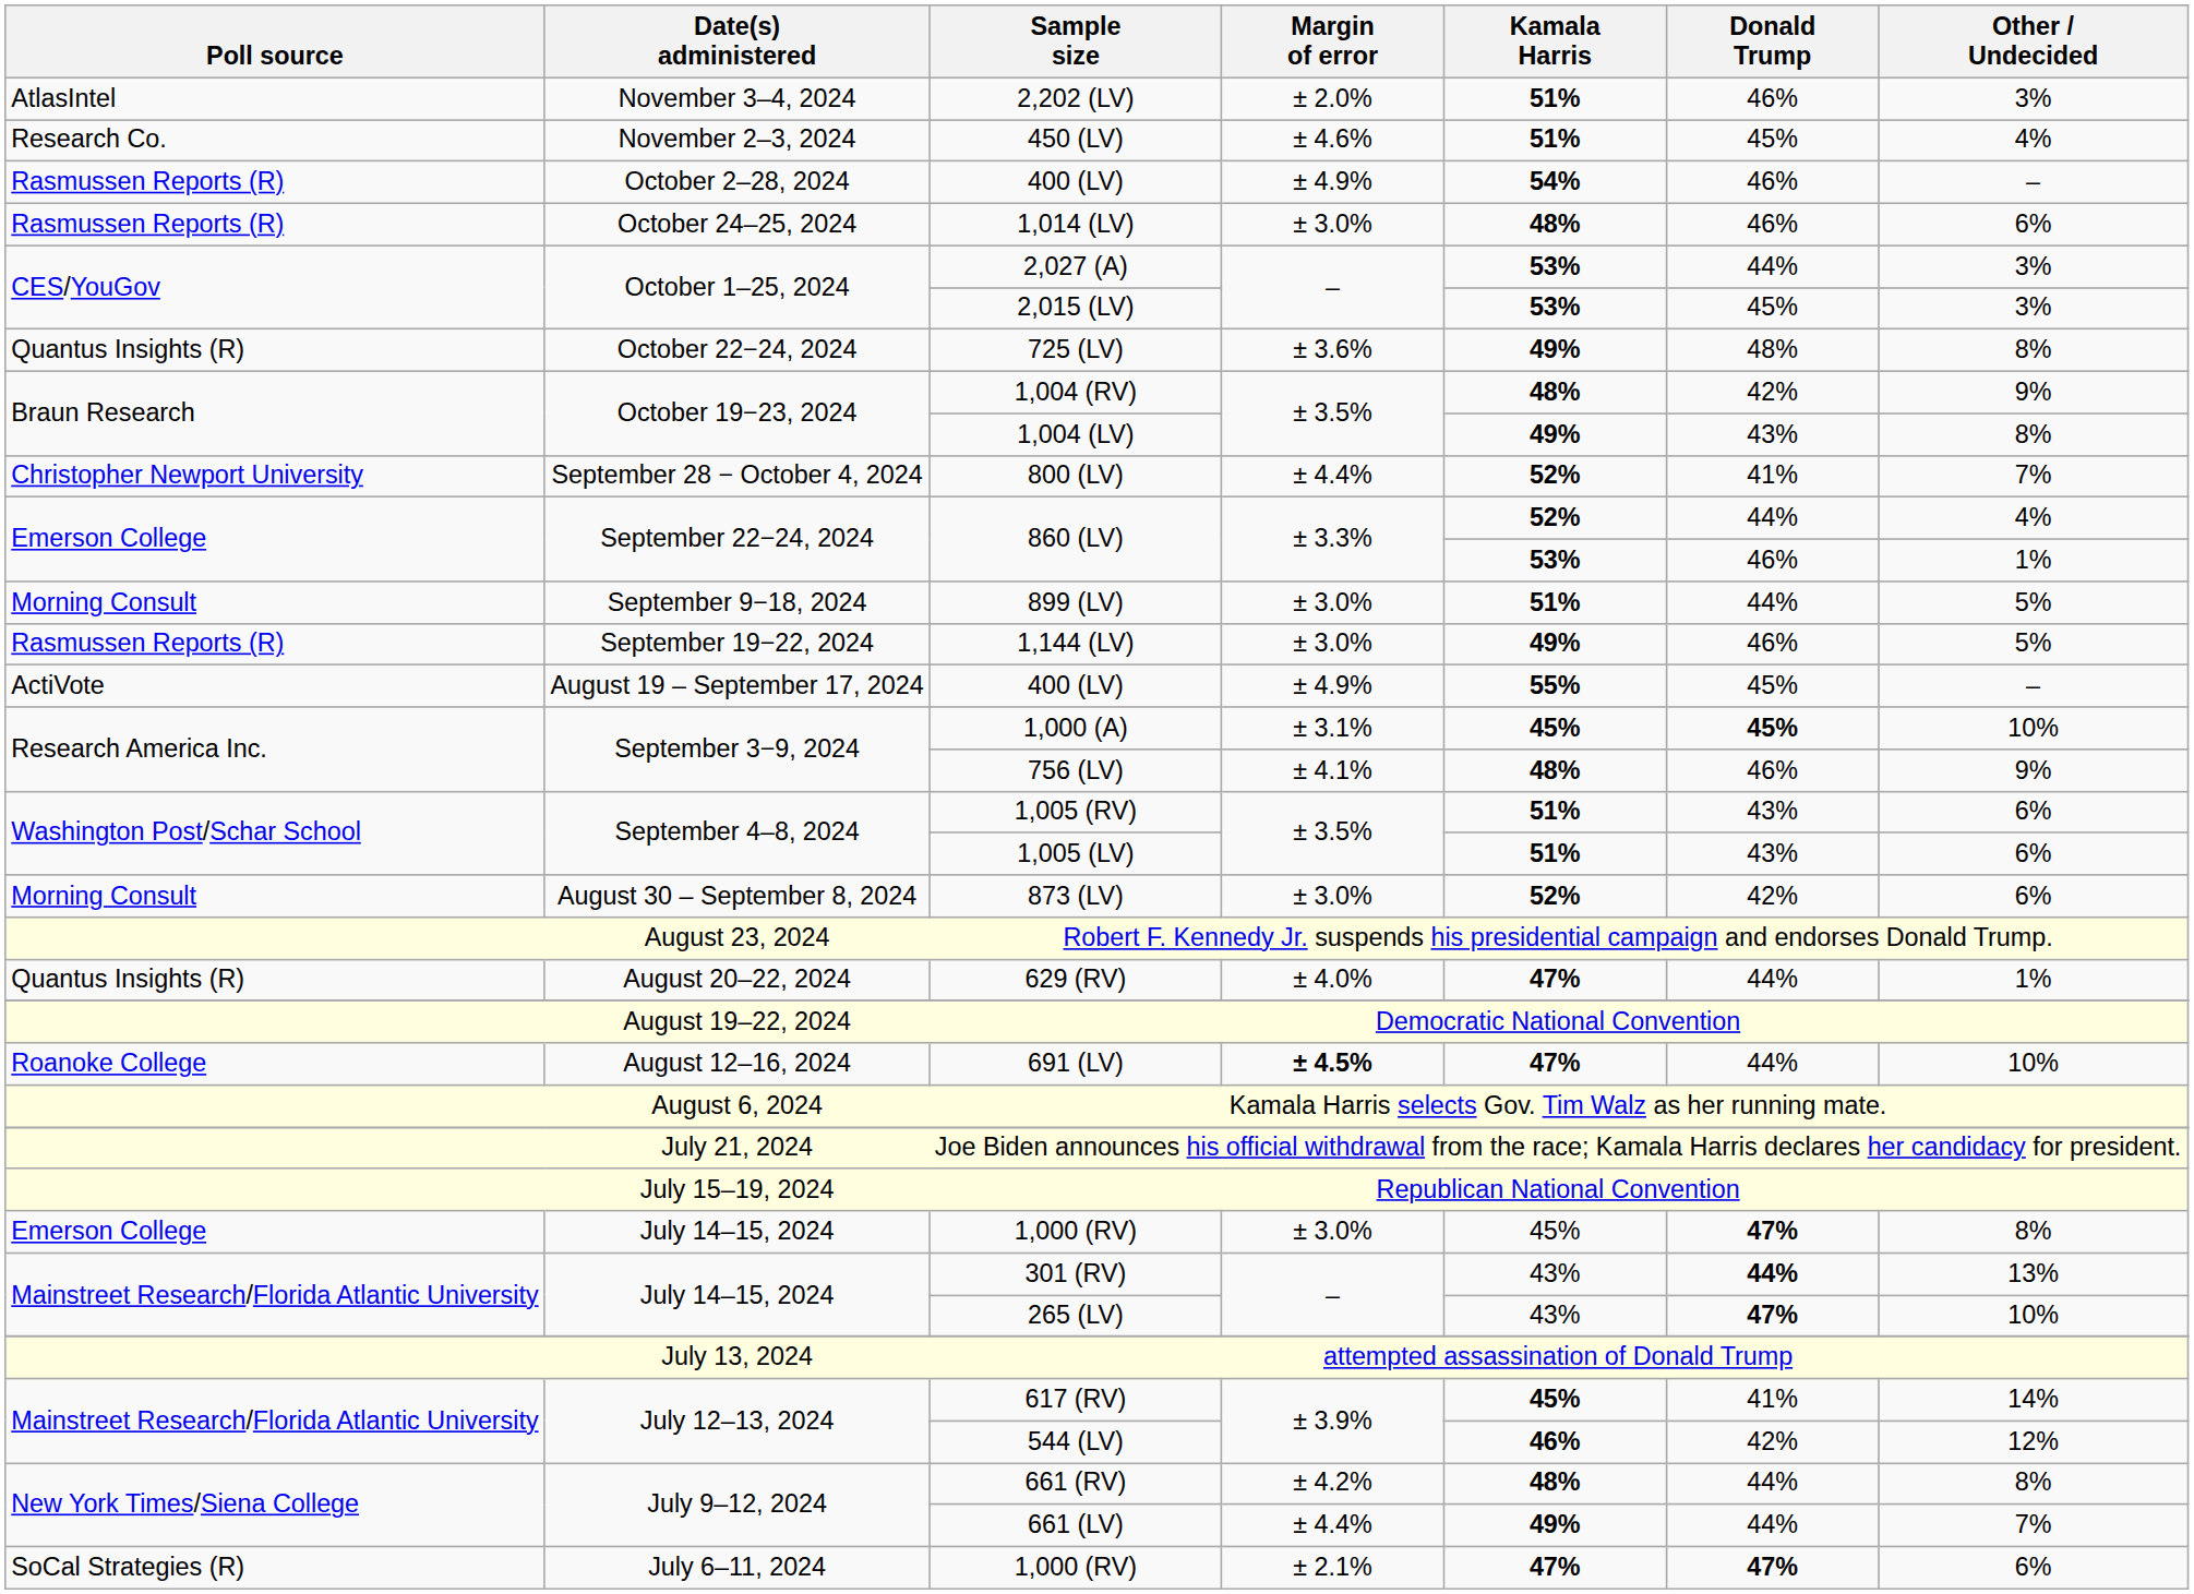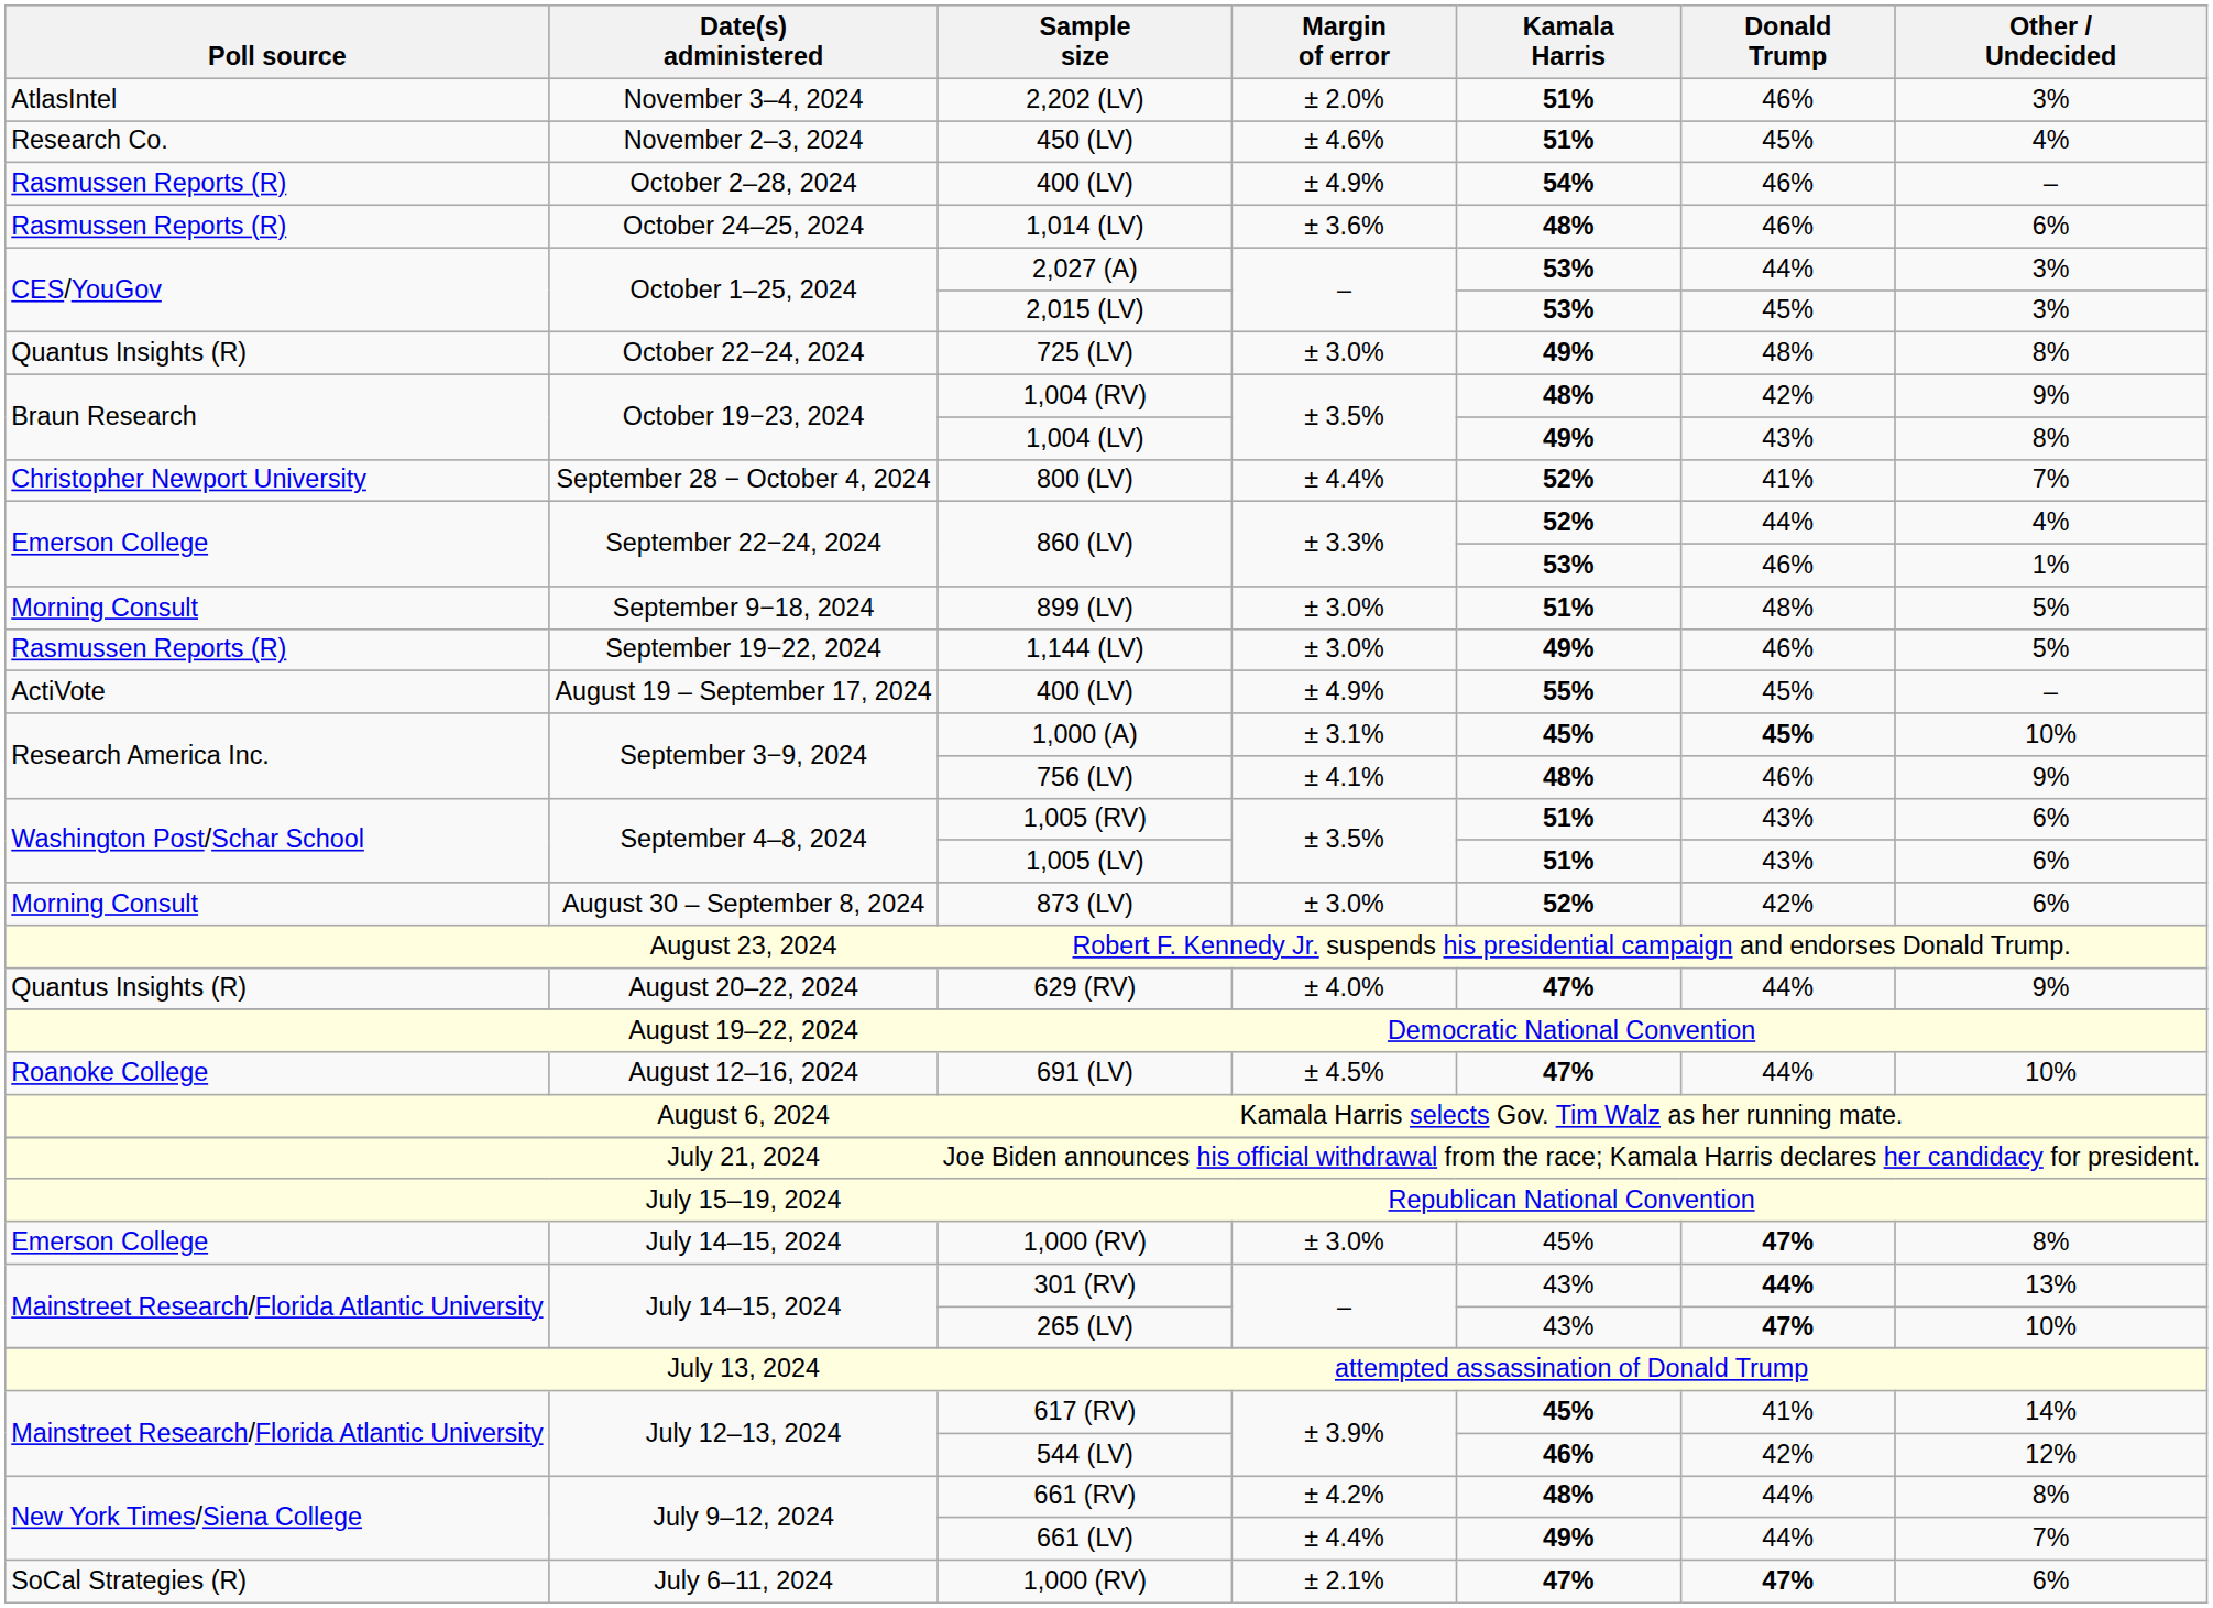 <table class="wikitable sortable mw-datatable" style="font-size:90%;text-align:center;line-height:17px">
 <tr valign=bottom>
 <th>Poll source</th>
 <th>Date(s)<br>administered</th>
 <th>Sample<br>size</th>
 <th>Margin<br>of error</th>
 <th class="unsortable">Kamala<br>Harris<br></th>
 <th class="unsortable">Donald<br>Trump<br></th>
 <th class="unsortable">Other /<br>Undecided</th>
 </tr>
 <tr>
 <td style="text-align:left;">AtlasIntel</td>
 <td data-sort-value="2024-11-04">November 3–4, 2024</td>
 <td>2,202 (LV)</td>
 <td>± 2.0%</td>
 <td style="color:black;background-color:"><strong>51%</strong></td>
 <td>46%</td>
 <td>3%</td>
 </tr>
 <tr>
 <td style="text-align:left;">Research Co.</td>
 <td data-sort-value="2024-11-03">November 2–3, 2024</td>
 <td>450 (LV)</td>
 <td>± 4.6%</td>
 <td style="color:black;background-color:"><strong>51%</strong></td>
 <td>45%</td>
 <td>4%</td>
 </tr>
 <tr>
 <td style="text-align:left;"><a href='#'>Rasmussen Reports (R)</a></td>
 <td data-sort-value="2024-10-28">October 2–28, 2024</td>
 <td>400 (LV)</td>
 <td>± 4.9%</td>
 <td style="color:black;background-color:"><strong>54%</strong></td>
 <td>46%</td>
 <td>–</td>
 </tr>
 <tr>
 <td style="text-align:left;"><a href='#'>Rasmussen Reports (R)</a></td>
 <td data-sort-value="2024-10-14">October 24–25, 2024</td>
 <td>1,014 (LV)</td>
-<td>± 3.0%</td>
+<td>± 3.6%</td>
 <td style="color:black;background-color:"><strong>48%</strong></td>
 <td>46%</td>
 <td>6%</td>
 </tr>
 <tr>
 <td style="text-align:left;" rowspan="2"><a href='#'>CES</a>/<a href='#'>YouGov</a></td>
 <td rowspan="2">October 1–25, 2024</td>
 <td>2,027 (A)</td>
 <td rowspan="2">–</td>
 <td style="color:black;background-color:"><strong>53%</strong></td>
 <td>44%</td>
 <td>3%</td>
 </tr>
 <tr>
 <td>2,015 (LV)</td>
 <td style="color:black;background-color:"><strong>53%</strong></td>
 <td>45%</td>
 <td>3%</td>
 </tr>
 <tr>
 <td style="text-align:left;">Quantus Insights (R)</td>
 <td data-sort-value="2024-10-24">October 22−24, 2024</td>
 <td>725 (LV)</td>
-<td>± 3.6%</td>
+<td>± 3.0%</td>
 <td style="color:black;background-color:"><strong>49%</strong></td>
 <td>48%</td>
 <td>8%</td>
 </tr>
 <tr>
 <td style="text-align:left;" rowspan="2">Braun Research</td>
 <td rowspan="2">October 19−23, 2024</td>
 <td>1,004 (RV)</td>
 <td rowspan="2">± 3.5%</td>
 <td style="color:black;background-color:"><strong>48%</strong></td>
 <td>42%</td>
 <td>9%</td>
 </tr>
 <tr>
 <td>1,004 (LV)</td>
 <td style="color:black;background-color:"><strong>49%</strong></td>
 <td>43%</td>
 <td>8%</td>
 </tr>
 <tr>
 <td style="text-align:left;"><a href='#'>Christopher Newport University</a></td>
 <td data-sort-value="2024-09-22">September 28 − October 4, 2024</td>
 <td>800 (LV)</td>
 <td>± 4.4%</td>
 <td style="color:black;background-color:"><strong>52%</strong></td>
 <td>41%</td>
 <td>7%</td>
 </tr>
 <tr>
 <td style="text-align:left;" rowspan="2"><a href='#'>Emerson College</a></td>
 <td rowspan="2">September 22−24, 2024</td>
 <td rowspan="2">860 (LV)</td>
 <td rowspan="2">± 3.3%</td>
 <td style="color:black;background-color:"><strong>52%</strong></td>
 <td>44%</td>
 <td>4%</td>
 </tr>
 <tr>
 <td style="color:black;background-color:"><strong>53%</strong></td>
 <td>46%</td>
 <td>1%</td>
 </tr>
 <tr>
 <td style="text-align:left;"><a href='#'>Morning Consult</a></td>
 <td data-sort-value="2024-09-18">September 9−18, 2024</td>
 <td>899 (LV)</td>
 <td>± 3.0%</td>
 <td style="color:black;background-color:"><strong>51%</strong></td>
-<td>44%</td>
+<td>48%</td>
 <td>5%</td>
 </tr>
 <tr>
 <td style="text-align:left;"><a href='#'>Rasmussen Reports (R)</a></td>
 <td data-sort-value="2024-09-22">September 19−22, 2024</td>
 <td>1,144 (LV)</td>
 <td>± 3.0%</td>
 <td style="color:black;background-color:"><strong>49%</strong></td>
 <td>46%</td>
 <td>5%</td>
 </tr>
 <tr>
 <td style="text-align:left;">ActiVote</td>
 <td data-sort-value="2024-09-17">August 19 – September 17, 2024</td>
 <td>400 (LV)</td>
 <td>± 4.9%</td>
 <td style="color:black;background-color:"><strong>55%</strong></td>
 <td>45%</td>
 <td>–</td>
 </tr>
 <tr>
 <td style="text-align:left;" rowspan="2">Research America Inc.</td>
 <td rowspan="2">September 3−9, 2024</td>
 <td>1,000 (A)</td>
 <td>± 3.1%</td>
 <td><strong>45%</strong></td>
 <td><strong>45%</strong></td>
 <td>10%</td>
 </tr>
 <tr>
 <td>756 (LV)</td>
 <td>± 4.1%</td>
 <td style="color:black;background-color:"><strong>48%</strong></td>
 <td>46%</td>
 <td>9%</td>
 </tr>
 <tr>
 <td style="text-align:left;" rowspan="2"><a href='#'>Washington Post</a>/<a href='#'>Schar School</a></td>
 <td rowspan="2">September 4–8, 2024</td>
 <td>1,005 (RV)</td>
 <td rowspan="2">± 3.5%</td>
 <td style="color:black;background-color:"><strong>51%</strong></td>
 <td>43%</td>
 <td>6%</td>
 </tr>
 <tr>
 <td>1,005 (LV)</td>
 <td style="color:black;background-color:"><strong>51%</strong></td>
 <td>43%</td>
 <td>6%</td>
 </tr>
 <tr>
 <td style="text-align:left;"><a href='#'>Morning Consult</a></td>
 <td data-sort-value="2024-09-08">August 30 – September 8, 2024</td>
 <td>873 (LV)</td>
 <td>± 3.0%</td>
 <td style="color:black;background-color:"><strong>52%</strong></td>
 <td>42%</td>
 <td>6%</td>
 </tr>
 <tr style="background:lightyellow;">
 <td style="border-right-style:hidden;"></td>
 <td style="border-right-style:hidden; " data-sort-value="2024-08-21">August 23, 2024</td>
 <td colspan="5"><a href='#'>Robert F. Kennedy Jr.</a> suspends <a href='#'>his presidential campaign</a> and endorses Donald Trump.</td>
 </tr>
 <tr>
 <td style="text-align:left;">Quantus Insights (R)</td>
 <td data-sort-value="2024-08-22">August 20–22, 2024</td>
 <td>629 (RV)</td>
 <td>± 4.0%</td>
 <td style="color:black;background-color:"><strong>47%</strong></td>
 <td>44%</td>
-<td>1%</td>
+<td>9%</td>
 </tr>
 <tr>
 </tr>
 <tr style="background:lightyellow;">
 <td style="border-right-style:hidden;"></td>
 <td style="border-right-style:hidden; " data-sort-value="2024-08-19">August 19–22, 2024</td>
 <td colspan="5"><a href='#'>Democratic National Convention</a></td>
 </tr>
 <tr>
 <td style="text-align:left;"><a href='#'>Roanoke College</a></td>
 <td>August 12–16, 2024</td>
 <td>691 (LV)</td>
-<td><strong>± 4.5%</strong></td>
+<td>± 4.5%</td>
 <td style="color:black;background-color:"><strong>47%</strong></td>
 <td>44%</td>
 <td>10%</td>
 </tr>
 <tr style="background:lightyellow;">
 <td style="border-right-style:hidden;"></td>
 <td style="border-right-style:hidden; " data-sort-value="2024-08-06">August 6, 2024</td>
 <td colspan="5">Kamala Harris <a href='#'>selects</a> Gov. <a href='#'>Tim Walz</a> as her running mate.</td>
 </tr>
 <tr>
 </tr>
 <tr style="background:lightyellow;">
 <td style="border-right-style:hidden; background:lightyellow;"></td>
 <td style="border-right-style:hidden; " data-sort-value="2024-07-21">July 21, 2024</td>
 <td colspan="6">Joe Biden announces <a href='#'>his official withdrawal</a> from the race; Kamala Harris declares <a href='#'>her candidacy</a> for president.</td>
 </tr>
 <tr style="background:lightyellow;">
 <td style="border-right-style:hidden;"></td>
 <td style="border-right-style:hidden; " data-sort-value="2024-07-15">July 15–19, 2024</td>
 <td colspan="5"><a href='#'>Republican National Convention</a></td>
 </tr>
 <tr>
 <td style="text-align:left;"><a href='#'>Emerson College</a></td>
 <td>July 14–15, 2024</td>
 <td>1,000 (RV)</td>
 <td>± 3.0%</td>
 <td>45%</td>
 <td style="background-color:"><strong>47%</strong></td>
 <td>8%</td>
 </tr>
 <tr>
 <td style="text-align:left;" rowspan="2"><a href='#'>Mainstreet Research</a>/<a href='#'>Florida Atlantic University</a></td>
 <td rowspan="2">July 14–15, 2024</td>
 <td>301 (RV)</td>
 <td rowspan="2">–</td>
 <td>43%</td>
 <td style="background-color:"><strong>44%</strong></td>
 <td>13%</td>
 </tr>
 <tr>
 <td>265 (LV)</td>
 <td>43%</td>
 <td style="background-color:"><strong>47%</strong></td>
 <td>10%</td>
 </tr>
 <tr>
 </tr>
 <tr style="background:lightyellow;">
 <td style="border-right-style:hidden;"></td>
 <td style="border-right-style:hidden; " data-sort-value="2024-07-13">July 13, 2024</td>
 <td colspan="5"><a href='#'>attempted assassination of Donald Trump</a></td>
 </tr>
 <tr>
 <td style="text-align:left;" rowspan="2"><a href='#'>Mainstreet Research</a>/<a href='#'>Florida Atlantic University</a></td>
 <td rowspan="2">July 12–13, 2024</td>
 <td>617 (RV)</td>
 <td rowspan="2">± 3.9%</td>
 <td style="color:black;background-color:"><strong>45%</strong></td>
 <td>41%</td>
 <td>14%</td>
 </tr>
 <tr>
 <td>544 (LV)</td>
 <td style="color:black;background-color:"><strong>46%</strong></td>
 <td>42%</td>
 <td>12%</td>
 </tr>
 <tr>
 <td style="text-align:left;" rowspan="2"><a href='#'>New York Times</a>/<a href='#'>Siena College</a></td>
 <td rowspan="2">July 9–12, 2024</td>
 <td>661 (RV)</td>
 <td>± 4.2%</td>
 <td style="color:black;background-color:"><strong>48%</strong></td>
 <td>44%</td>
 <td>8%</td>
 </tr>
 <tr>
 <td>661 (LV)</td>
 <td>± 4.4%</td>
 <td style="color:black;background-color:"><strong>49%</strong></td>
 <td>44%</td>
 <td>7%</td>
 </tr>
 <tr>
 <td style="text-align:left;">SoCal Strategies (R)</td>
 <td>July 6–11, 2024</td>
 <td>1,000 (RV)</td>
 <td>± 2.1%</td>
 <td><strong>47%</strong></td>
 <td><strong>47%</strong></td>
 <td>6%</td>
 </tr>
 </table>
